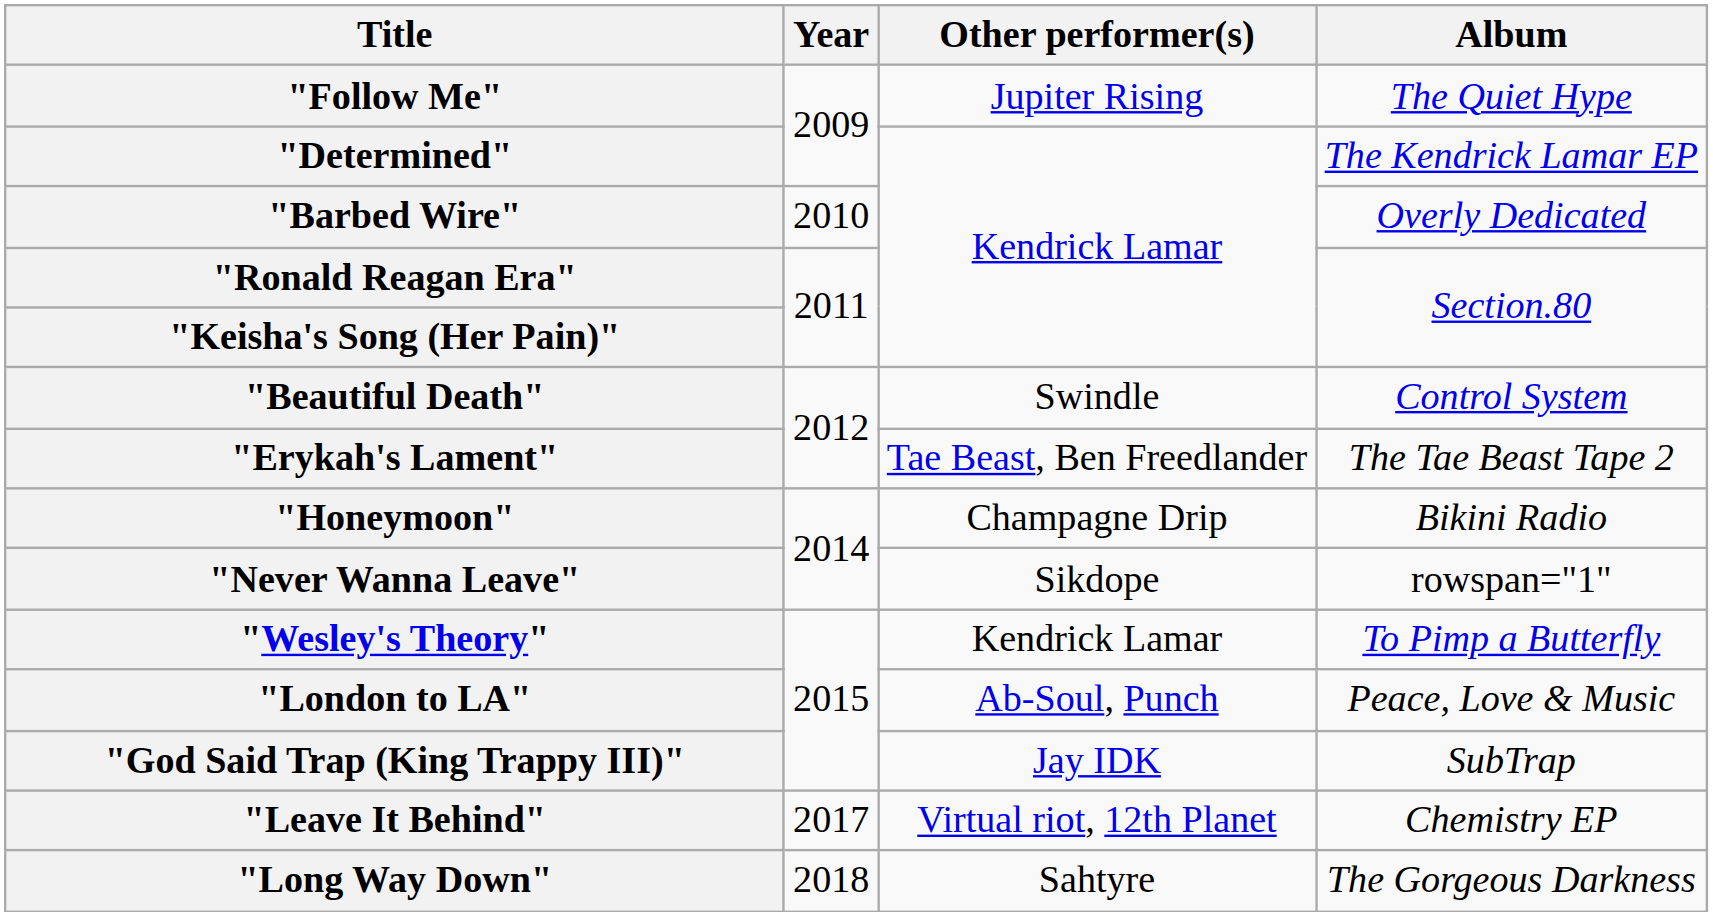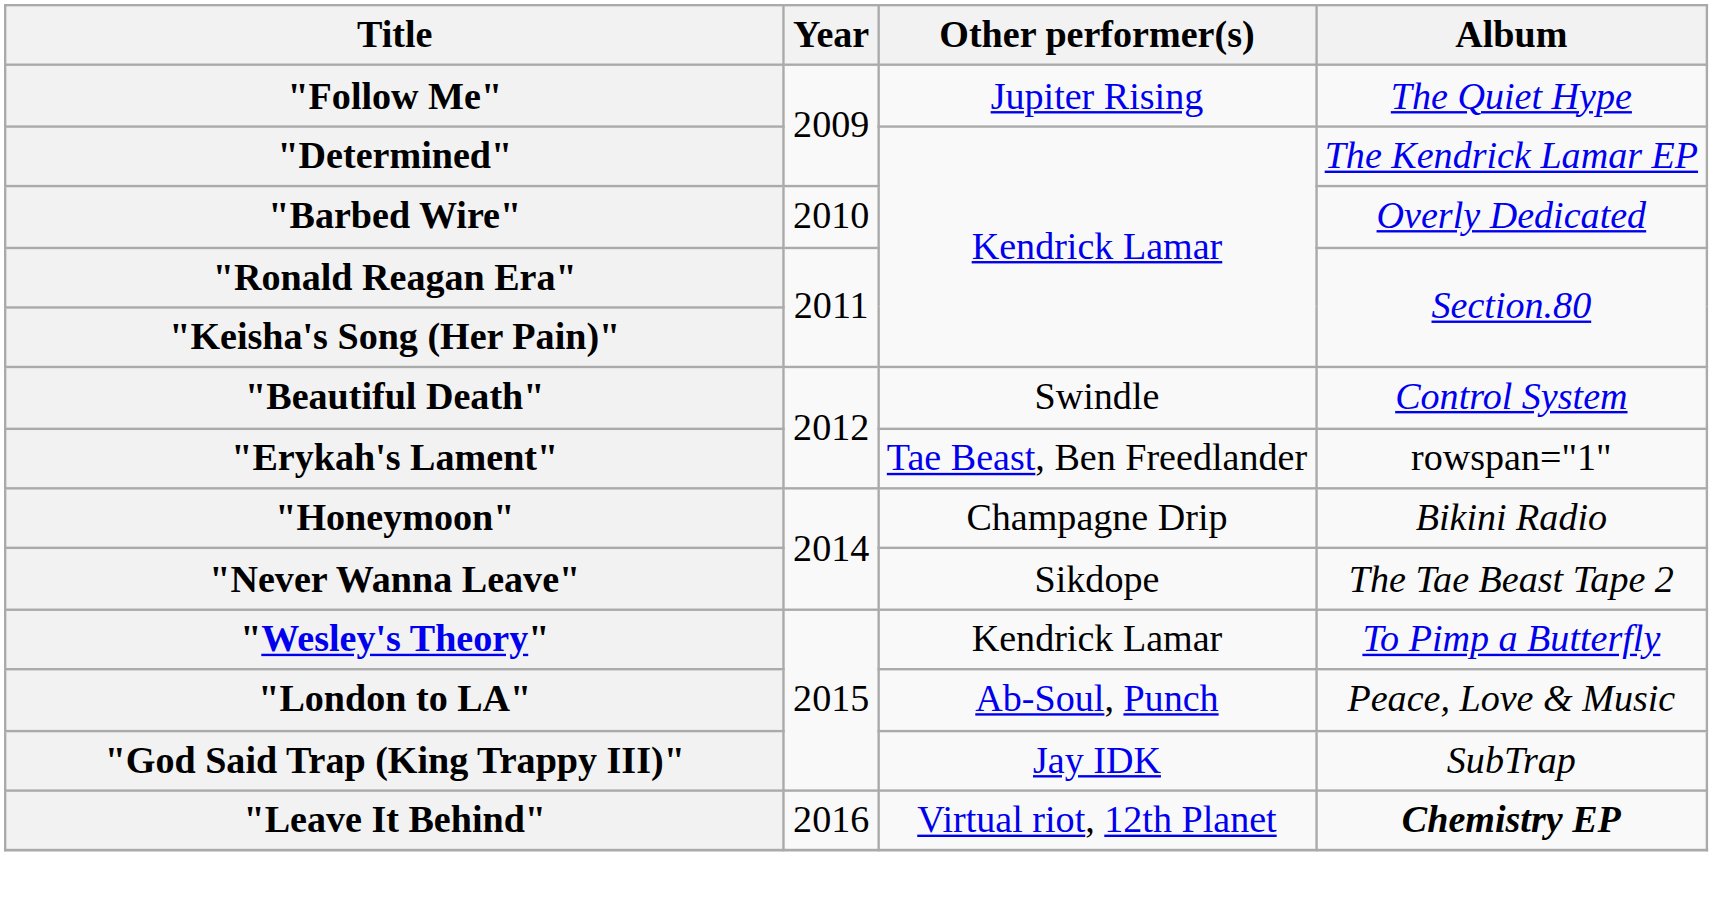 <table class="wikitable plainrowheaders" style="text-align:center;">
 <tr>
 <th scope="col" style="width:20em;">Title</th>
 <th scope="col">Year</th>
 <th scope="col">Other performer(s)</th>
 <th scope="col">Album</th>
 </tr>
 <tr>
 <th scope="row">"Follow Me"</th>
 <td rowspan="2">2009</td>
 <td rowspan="1"><a href='#'>Jupiter Rising</a></td>
 <td rowspan="1"><em><a href='#'>The Quiet Hype</a></em></td>
 </tr>
 <tr>
 <th scope="row">"Determined"</th>
 <td rowspan="4"><a href='#'>Kendrick Lamar</a></td>
 <td rowspan="1"><em><a href='#'>The Kendrick Lamar EP</a></em></td>
 </tr>
 <tr>
 <th scope="row">"Barbed Wire"</th>
 <td rowspan="1">2010</td>
 <td rowspan="1"><em><a href='#'>Overly Dedicated</a></em></td>
 </tr>
 <tr>
 <th scope="row">"Ronald Reagan Era"</th>
 <td rowspan="2">2011</td>
 <td rowspan="2"><em><a href='#'>Section.80</a></em></td>
 </tr>
 <tr>
 <th scope="row">"Keisha's Song (Her Pain)"</th>
 </tr>
 <tr>
 <th scope="row">"Beautiful Death"</th>
 <td rowspan="2">2012</td>
 <td>Swindle</td>
 <td rowspan="1"><em><a href='#'>Control System</a></em></td>
 </tr>
 <tr>
 <th scope="row">"Erykah's Lament"</th>
 <td rowspan="1"><a href='#'>Tae Beast</a>, Ben Freedlander</td>
-<td rowspan="1"><em>The Tae Beast Tape 2</em></td>
+<td>rowspan="1" </td>
 </tr>
 <tr>
 <th scope="row">"Honeymoon"</th>
 <td rowspan="2">2014</td>
 <td rowspan="1">Champagne Drip</td>
 <td rowspan="1"><em>Bikini Radio</em></td>
 </tr>
 <tr>
 <th scope="row">"Never Wanna Leave"</th>
 <td rowspan="1">Sikdope</td>
-<td>rowspan="1" </td>
+<td rowspan="1"><em>The Tae Beast Tape 2</em></td>
 </tr>
 <tr>
 <th scope="row">"<a href='#'>Wesley's Theory</a>"</th>
 <td rowspan="3">2015</td>
 <td rowspan="1">Kendrick Lamar</td>
 <td rowspan="1"><em><a href='#'>To Pimp a Butterfly</a></em></td>
 </tr>
 <tr>
 <th scope="row">"London to LA"</th>
 <td rowspan="1"><a href='#'>Ab-Soul</a>, <a href='#'>Punch</a></td>
 <td><em>Peace, Love & Music</em></td>
 </tr>
 <tr>
 <th scope="row">"God Said Trap (King Trappy III)"</th>
 <td><a href='#'>Jay IDK</a></td>
 <td><em>SubTrap</em></td>
 </tr>
 <tr>
 <th scope="row">"Leave It Behind"</th>
-<td rowspan="1">2017</td>
+<td rowspan="1">2016</td>
 <td rowspan="1"><a href='#'>Virtual riot</a>, <a href='#'>12th Planet</a></td>
-<td rowspan="1"><em>Chemistry EP</em></td>
-</tr>
-<tr>
-<th scope="row">"Long Way Down"</th>
-<td rowspan="1">2018</td>
-<td>Sahtyre</td>
-<td><em>The Gorgeous Darkness</em></td>
+<td rowspan="1"><strong><em>Chemistry EP</em></strong></td>
 </tr>
 <tr>
 </tr>
 </table>
